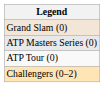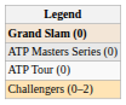 <table class=wikitable>
 <tr>
 <th>Legend</th>
 </tr>
 <tr bgcolor=f3e6d7>
-<td>Grand Slam (0)</td>
+<td><strong>Grand Slam (0)</strong></td>
 </tr>
 <tr bgcolor=e9e9e9>
 <td>ATP Masters Series (0)</td>
 </tr>
 <tr bgcolor=>
 <td>ATP Tour (0)</td>
 </tr>
 <tr bgcolor=moccasin>
 <td>Challengers (0–2)</td>
 </tr>
 </table>
